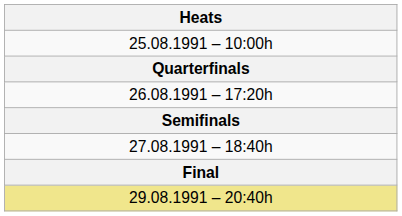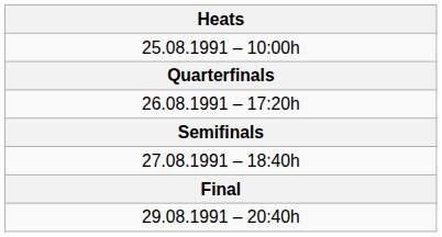 <table class="wikitable" style=" text-align:center; font-size:110%;" width="35%">
 <tr>
 <th>Heats</th>
 </tr>
 <tr>
 <td>25.08.1991 – 10:00h</td>
 </tr>
 <tr>
 <th>Quarterfinals</th>
 </tr>
 <tr>
 <td>26.08.1991 – 17:20h</td>
 </tr>
 <tr>
 <th>Semifinals</th>
 </tr>
 <tr>
 <td>27.08.1991 – 18:40h</td>
 </tr>
 <tr>
 <th>Final</th>
 </tr>
 <tr>
-<td style="background: khaki;">29.08.1991 – 20:40h</td>
+<td>29.08.1991 – 20:40h</td>
 </tr>
 </table>
